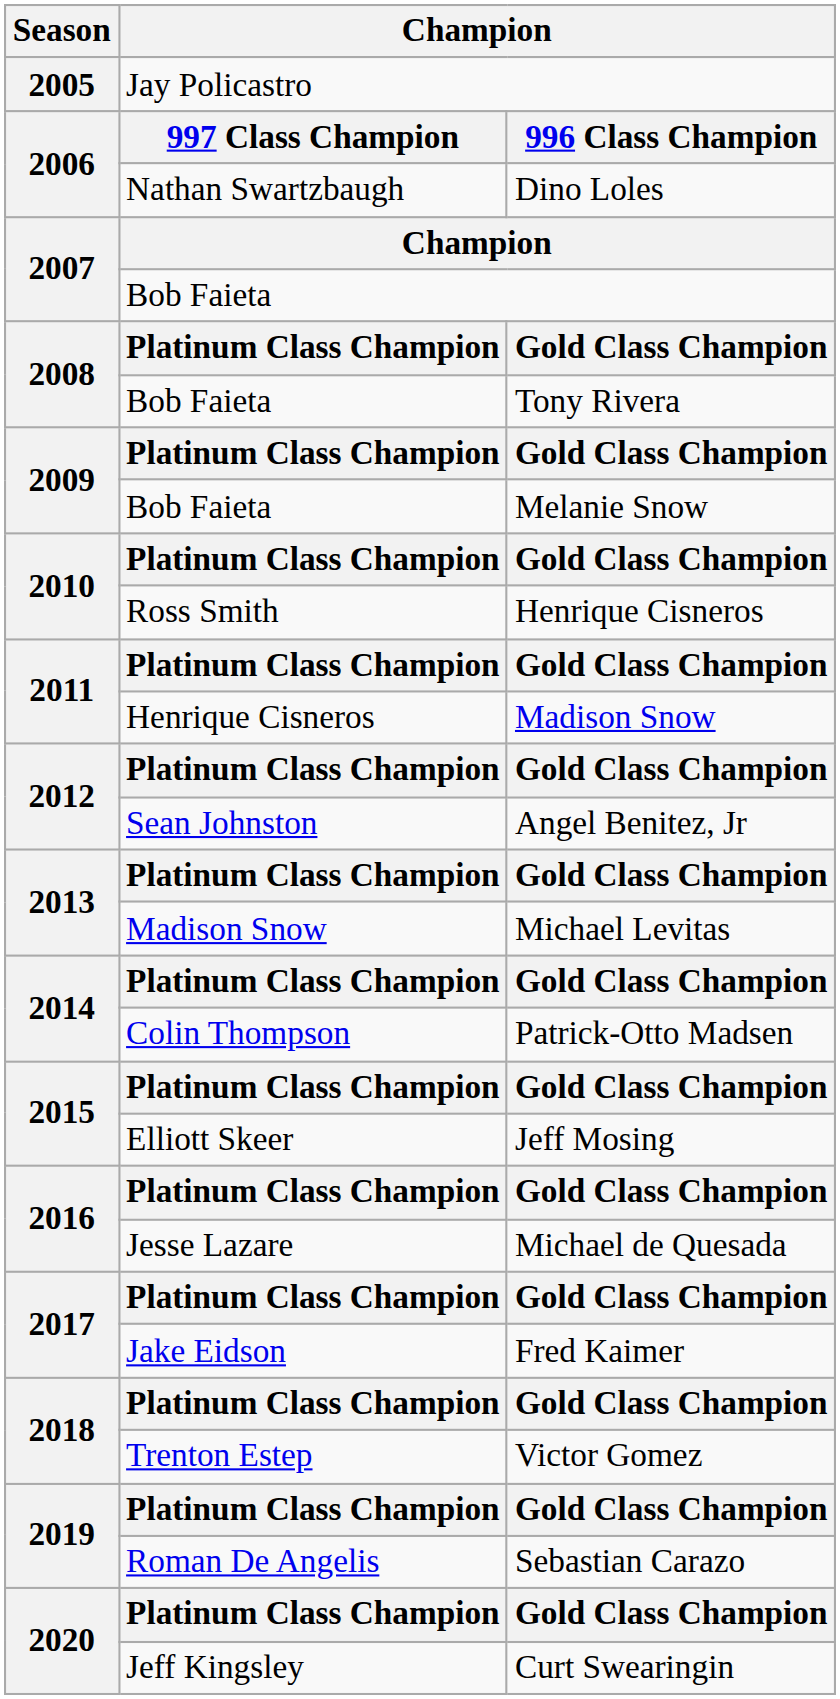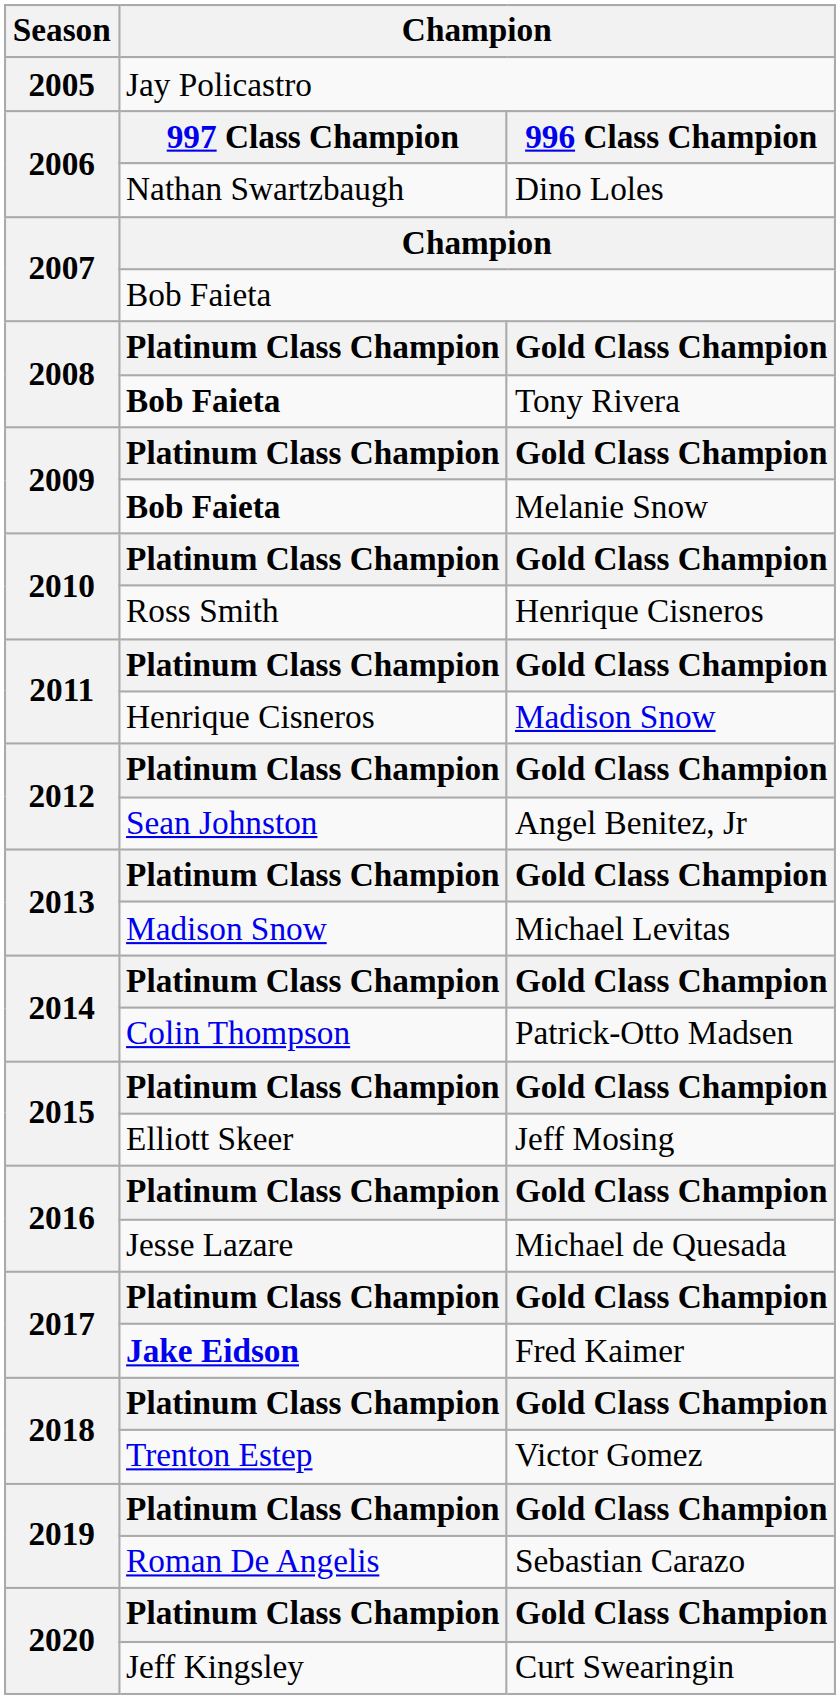 <table class="wikitable">
 <tr>
 <th>Season</th>
 <th colspan=2>Champion</th>
 </tr>
 <tr>
 <th>2005</th>
 <td colspan=2> Jay Policastro</td>
 </tr>
 <tr>
 <th rowspan=2>2006</th>
 <th><a href='#'>997</a> Class Champion</th>
 <th><a href='#'>996</a> Class Champion</th>
 </tr>
 <tr>
 <td> Nathan Swartzbaugh</td>
 <td> Dino Loles</td>
 </tr>
 <tr>
 <th rowspan=2>2007</th>
 <th colspan=2>Champion</th>
 </tr>
 <tr>
 <td colspan=2> Bob Faieta</td>
 </tr>
 <tr>
 <th rowspan=2>2008</th>
 <th>Platinum Class Champion</th>
 <th>Gold Class Champion</th>
 </tr>
 <tr>
-<td> Bob Faieta</td>
+<td><strong> Bob Faieta</strong></td>
 <td> Tony Rivera</td>
 </tr>
 <tr>
 <th rowspan=2>2009</th>
 <th>Platinum Class Champion</th>
 <th>Gold Class Champion</th>
 </tr>
 <tr>
-<td> Bob Faieta</td>
+<td><strong> Bob Faieta</strong></td>
 <td> Melanie Snow</td>
 </tr>
 <tr>
 <th rowspan=2>2010</th>
 <th>Platinum Class Champion</th>
 <th>Gold Class Champion</th>
 </tr>
 <tr>
 <td> Ross Smith</td>
 <td> Henrique Cisneros</td>
 </tr>
 <tr>
 <th rowspan=2>2011</th>
 <th>Platinum Class Champion</th>
 <th>Gold Class Champion</th>
 </tr>
 <tr>
 <td> Henrique Cisneros</td>
 <td> <a href='#'>Madison Snow</a></td>
 </tr>
 <tr>
 <th rowspan=2>2012</th>
 <th>Platinum Class Champion</th>
 <th>Gold Class Champion</th>
 </tr>
 <tr>
 <td> <a href='#'>Sean Johnston</a></td>
 <td> Angel Benitez, Jr</td>
 </tr>
 <tr>
 <th rowspan=2>2013</th>
 <th>Platinum Class Champion</th>
 <th>Gold Class Champion</th>
 </tr>
 <tr>
 <td> <a href='#'>Madison Snow</a></td>
 <td> Michael Levitas</td>
 </tr>
 <tr>
 <th rowspan=2>2014</th>
 <th>Platinum Class Champion</th>
 <th>Gold Class Champion</th>
 </tr>
 <tr>
 <td> <a href='#'>Colin Thompson</a></td>
 <td> Patrick-Otto Madsen</td>
 </tr>
 <tr>
 <th rowspan=2>2015</th>
 <th>Platinum Class Champion</th>
 <th>Gold Class Champion</th>
 </tr>
 <tr>
 <td> Elliott Skeer</td>
 <td> Jeff Mosing</td>
 </tr>
 <tr>
 <th rowspan=2>2016</th>
 <th>Platinum Class Champion</th>
 <th>Gold Class Champion</th>
 </tr>
 <tr>
 <td> Jesse Lazare</td>
 <td> Michael de Quesada</td>
 </tr>
 <tr>
 <th rowspan=2>2017</th>
 <th>Platinum Class Champion</th>
 <th>Gold Class Champion</th>
 </tr>
 <tr>
-<td> <a href='#'>Jake Eidson</a></td>
+<td><strong> <a href='#'>Jake Eidson</a></strong></td>
 <td> Fred Kaimer</td>
 </tr>
 <tr>
 <th rowspan=2>2018</th>
 <th>Platinum Class Champion</th>
 <th>Gold Class Champion</th>
 </tr>
 <tr>
 <td> <a href='#'>Trenton Estep</a></td>
 <td> Victor Gomez</td>
 </tr>
 <tr>
 <th rowspan=2>2019</th>
 <th>Platinum Class Champion</th>
 <th>Gold Class Champion</th>
 </tr>
 <tr>
 <td> <a href='#'>Roman De Angelis</a></td>
 <td> Sebastian Carazo</td>
 </tr>
 <tr>
 <th rowspan=2>2020</th>
 <th>Platinum Class Champion</th>
 <th>Gold Class Champion</th>
 </tr>
 <tr>
 <td> Jeff Kingsley</td>
 <td> Curt Swearingin</td>
 </tr>
 </table>
